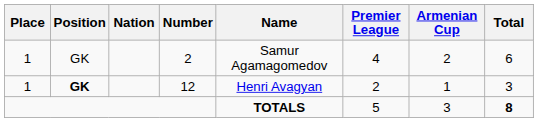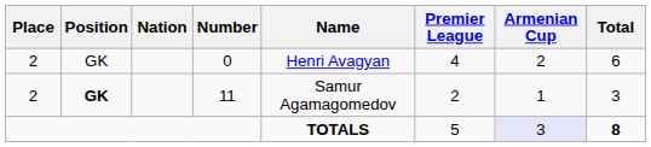 <table class="wikitable" style="font-size: 95%; text-align: center;">
 <tr>
 <th width=60>Place</th>
 <th width=60>Position</th>
 <th width=60>Nation</th>
 <th width=60>Number</th>
 <th width=200>Name</th>
 <th width=100><a href='#'>Premier League</a></th>
 <th width=100><a href='#'>Armenian Cup</a></th>
 <th width=80><strong>Total</strong></th>
 </tr>
 <tr>
-<td>1</td>
+<td>2</td>
 <td>GK</td>
 <td></td>
-<td>2</td>
-<td>Samur Agamagomedov</td>
+<td>0</td>
+<td><a href='#'>Henri Avagyan</a></td>
 <td>4</td>
 <td>2</td>
 <td>6</td>
 </tr>
 <tr>
-<td>1</td>
+<td>2</td>
 <td><strong>GK</strong></td>
 <td></td>
-<td>12</td>
-<td><a href='#'>Henri Avagyan</a></td>
+<td>11</td>
+<td>Samur Agamagomedov</td>
 <td>2</td>
 <td>1</td>
 <td>3</td>
 </tr>
 <tr>
 <td colspan="4"></td>
 <td><strong>TOTALS</strong></td>
 <td>5</td>
-<td>3</td>
+<td style="background: lavender;">3</td>
 <td><strong>8</strong></td>
 </tr>
 </table>
